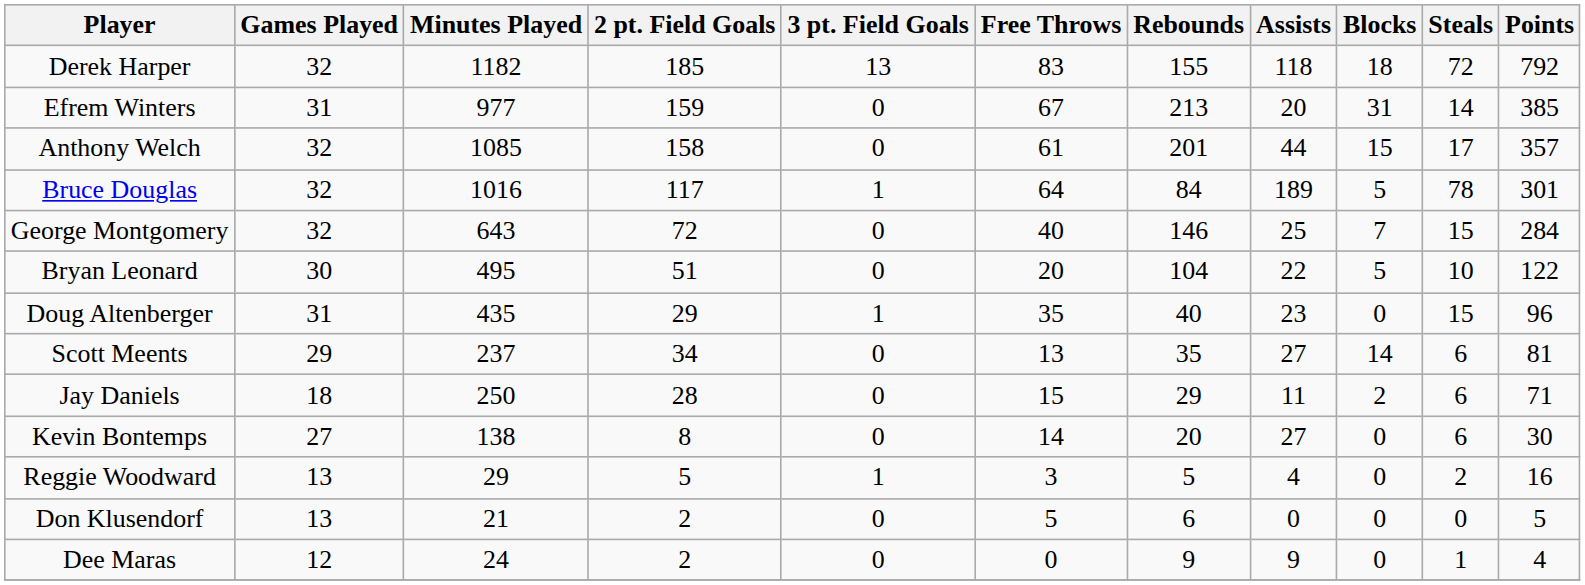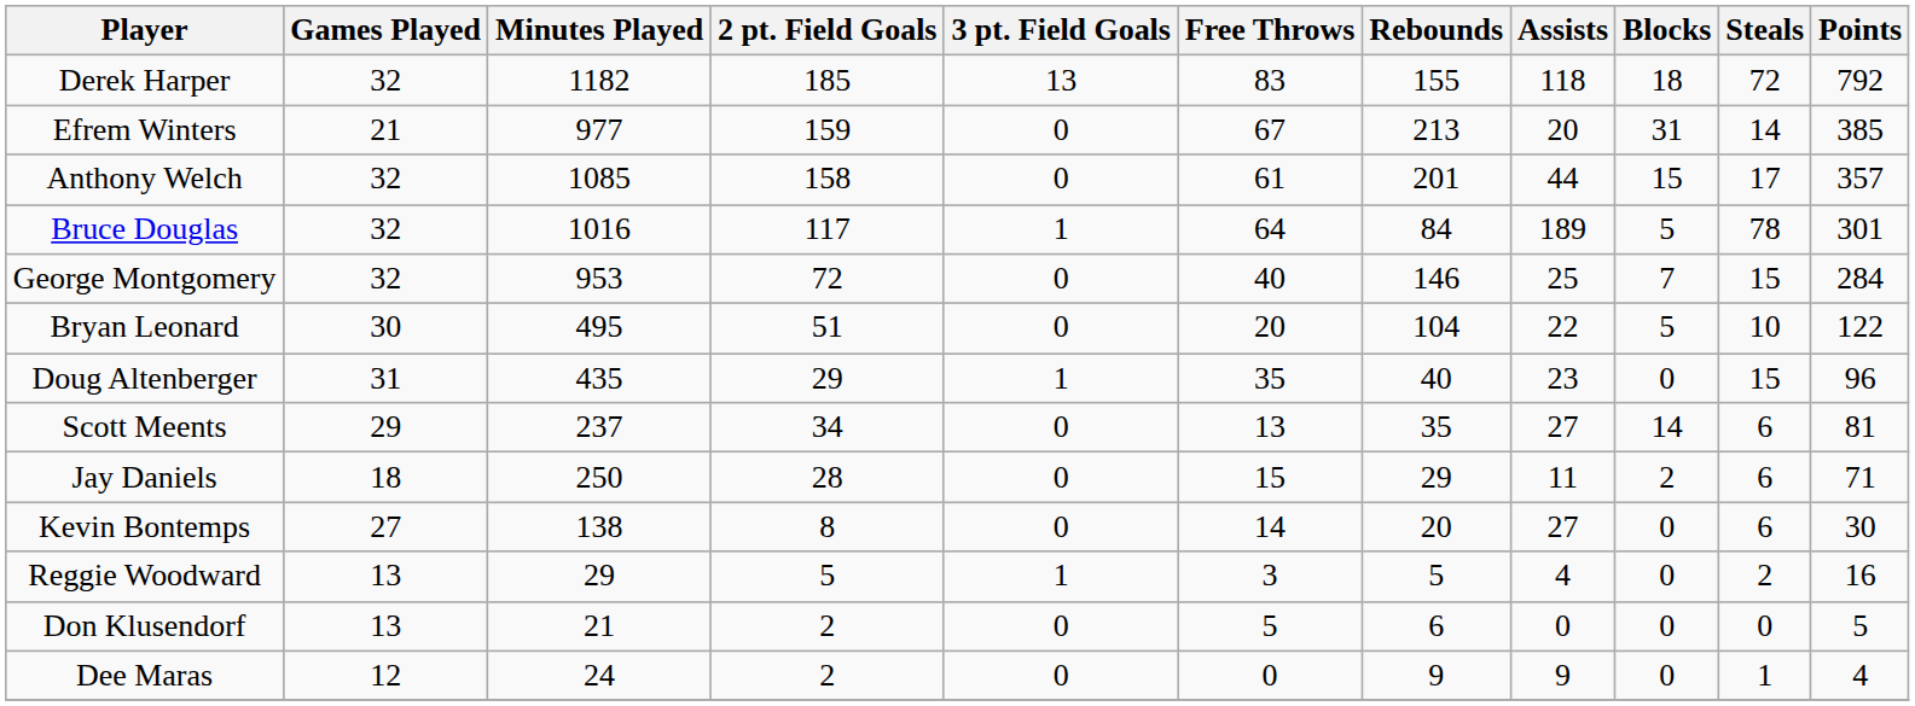 <table class="wikitable sortable">
 <tr>
 <th>Player</th>
 <th>Games Played</th>
 <th>Minutes Played</th>
 <th>2 pt. Field Goals</th>
 <th>3 pt. Field Goals</th>
 <th>Free Throws</th>
 <th>Rebounds</th>
 <th>Assists</th>
 <th>Blocks</th>
 <th>Steals</th>
 <th>Points</th>
 </tr>
 <tr align="center" bgcolor="">
 <td>Derek Harper</td>
 <td>32</td>
 <td>1182</td>
 <td>185</td>
 <td>13</td>
 <td>83</td>
 <td>155</td>
 <td>118</td>
 <td>18</td>
 <td>72</td>
 <td>792</td>
 </tr>
 <tr align="center" bgcolor="">
 <td>Efrem Winters</td>
-<td>31</td>
+<td>21</td>
 <td>977</td>
 <td>159</td>
 <td>0</td>
 <td>67</td>
 <td>213</td>
 <td>20</td>
 <td>31</td>
 <td>14</td>
 <td>385</td>
 </tr>
 <tr align="center" bgcolor="">
 <td>Anthony Welch</td>
 <td>32</td>
 <td>1085</td>
 <td>158</td>
 <td>0</td>
 <td>61</td>
 <td>201</td>
 <td>44</td>
 <td>15</td>
 <td>17</td>
 <td>357</td>
 </tr>
 <tr align="center" bgcolor="">
 <td><a href='#'>Bruce Douglas</a></td>
 <td>32</td>
 <td>1016</td>
 <td>117</td>
 <td>1</td>
 <td>64</td>
 <td>84</td>
 <td>189</td>
 <td>5</td>
 <td>78</td>
 <td>301</td>
 </tr>
 <tr align="center" bgcolor="">
 <td>George Montgomery</td>
 <td>32</td>
-<td>643</td>
+<td>953</td>
 <td>72</td>
 <td>0</td>
 <td>40</td>
 <td>146</td>
 <td>25</td>
 <td>7</td>
 <td>15</td>
 <td>284</td>
 </tr>
 <tr align="center" bgcolor="">
 <td>Bryan Leonard</td>
 <td>30</td>
 <td>495</td>
 <td>51</td>
 <td>0</td>
 <td>20</td>
 <td>104</td>
 <td>22</td>
 <td>5</td>
 <td>10</td>
 <td>122</td>
 </tr>
 <tr align="center" bgcolor="">
 <td>Doug Altenberger</td>
 <td>31</td>
 <td>435</td>
 <td>29</td>
 <td>1</td>
 <td>35</td>
 <td>40</td>
 <td>23</td>
 <td>0</td>
 <td>15</td>
 <td>96</td>
 </tr>
 <tr align="center" bgcolor="">
 <td>Scott Meents</td>
 <td>29</td>
 <td>237</td>
 <td>34</td>
 <td>0</td>
 <td>13</td>
 <td>35</td>
 <td>27</td>
 <td>14</td>
 <td>6</td>
 <td>81</td>
 </tr>
 <tr align="center" bgcolor="">
 <td>Jay Daniels</td>
 <td>18</td>
 <td>250</td>
 <td>28</td>
 <td>0</td>
 <td>15</td>
 <td>29</td>
 <td>11</td>
 <td>2</td>
 <td>6</td>
 <td>71</td>
 </tr>
 <tr align="center" bgcolor="">
 <td>Kevin Bontemps</td>
 <td>27</td>
 <td>138</td>
 <td>8</td>
 <td>0</td>
 <td>14</td>
 <td>20</td>
 <td>27</td>
 <td>0</td>
 <td>6</td>
 <td>30</td>
 </tr>
 <tr align="center" bgcolor="">
 <td>Reggie Woodward</td>
 <td>13</td>
 <td>29</td>
 <td>5</td>
 <td>1</td>
 <td>3</td>
 <td>5</td>
 <td>4</td>
 <td>0</td>
 <td>2</td>
 <td>16</td>
 </tr>
 <tr align="center" bgcolor="">
 <td>Don Klusendorf</td>
 <td>13</td>
 <td>21</td>
 <td>2</td>
 <td>0</td>
 <td>5</td>
 <td>6</td>
 <td>0</td>
 <td>0</td>
 <td>0</td>
 <td>5</td>
 </tr>
 <tr align="center" bgcolor="">
 <td>Dee Maras</td>
 <td>12</td>
 <td>24</td>
 <td>2</td>
 <td>0</td>
 <td>0</td>
 <td>9</td>
 <td>9</td>
 <td>0</td>
 <td>1</td>
 <td>4</td>
 </tr>
 <tr align="center" bgcolor="">
 </tr>
 </table>
